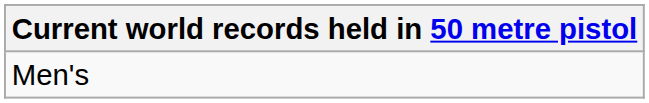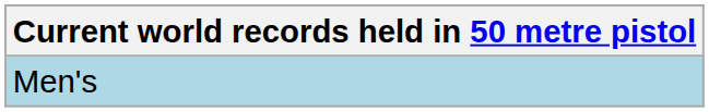 <table class="wikitable" style="font-size: 95%">
 <tr>
 <th colspan=7>Current world records held in <a href='#'>50 metre pistol</a></th>
 </tr>
 <tr>
-<td>Men's<br></td>
+<td style="background: lightblue;">Men's<br></td>
 </tr>
 </table>
